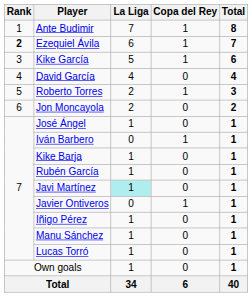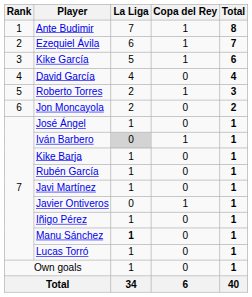 <table class="wikitable" style="text-align:center;">
 <tr>
 <th>Rank</th>
 <th>Player</th>
 <th>La Liga</th>
 <th>Copa del Rey</th>
 <th>Total</th>
 </tr>
 <tr>
 <td rowspan="1">1</td>
 <td align=left> <a href='#'>Ante Budimir</a></td>
 <td>7</td>
 <td>1</td>
 <td><strong>8</strong></td>
 </tr>
 <tr>
-<td rowspan="1"><strong>2</strong></td>
+<td rowspan="1">2</td>
 <td align=left> <a href='#'>Ezequiel Ávila</a></td>
 <td>6</td>
 <td>1</td>
 <td><strong>7</strong></td>
 </tr>
 <tr>
 <td rowspan="1">3</td>
 <td align=left> <a href='#'>Kike García</a></td>
 <td>5</td>
 <td>1</td>
 <td><strong>6</strong></td>
 </tr>
 <tr>
 <td rowspan="1">4</td>
 <td align=left> <a href='#'>David García</a></td>
 <td>4</td>
 <td>0</td>
 <td><strong>4</strong></td>
 </tr>
 <tr>
 <td rowspan="1">5</td>
 <td align=left> <a href='#'>Roberto Torres</a></td>
 <td>2</td>
 <td>1</td>
 <td><strong>3</strong></td>
 </tr>
 <tr>
 <td rowspan="1">6</td>
 <td align=left> <a href='#'>Jon Moncayola</a></td>
 <td>2</td>
 <td>0</td>
 <td><strong>2</strong></td>
 </tr>
 <tr>
 <td rowspan="9">7</td>
 <td align=left> <a href='#'>José Ángel</a></td>
 <td>1</td>
 <td>0</td>
 <td><strong>1</strong></td>
 </tr>
 <tr>
 <td align=left> <a href='#'>Iván Barbero</a></td>
-<td>0</td>
+<td style="background: lightgrey;">0</td>
 <td>1</td>
 <td><strong>1</strong></td>
 </tr>
 <tr>
 <td align=left> <a href='#'>Kike Barja</a></td>
 <td>1</td>
 <td>0</td>
 <td><strong>1</strong></td>
 </tr>
 <tr>
 <td align=left> <a href='#'>Rubén García</a></td>
 <td>1</td>
 <td>0</td>
 <td><strong>1</strong></td>
 </tr>
 <tr>
 <td align=left> <a href='#'>Javi Martínez</a></td>
-<td style="background: paleturquoise;">1</td>
+<td>1</td>
 <td>0</td>
 <td><strong>1</strong></td>
 </tr>
 <tr>
 <td align=left> <a href='#'>Javier Ontiveros</a></td>
 <td>0</td>
 <td>1</td>
 <td><strong>1</strong></td>
 </tr>
 <tr>
 <td align=left> <a href='#'>Iñigo Pérez</a></td>
 <td>1</td>
 <td>0</td>
 <td><strong>1</strong></td>
 </tr>
 <tr>
 <td align=left> <a href='#'>Manu Sánchez</a></td>
-<td>1</td>
+<td><strong>1</strong></td>
 <td>0</td>
 <td><strong>1</strong></td>
 </tr>
 <tr>
 <td align=left> <a href='#'>Lucas Torró</a></td>
 <td>1</td>
 <td>0</td>
 <td><strong>1</strong></td>
 </tr>
 <tr>
 <td align=center colspan=2>Own goals</td>
 <td>1</td>
 <td>0</td>
 <td><strong>1</strong></td>
 </tr>
 <tr>
 <th colspan=2>Total</th>
 <th>34</th>
 <th>6</th>
 <th>40</th>
 </tr>
 </table>
